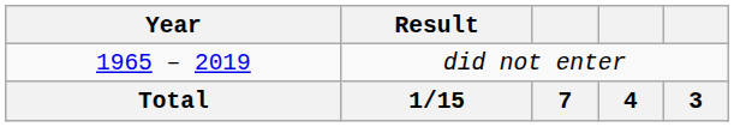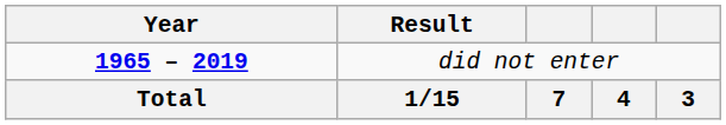 <table class="wikitable" style="text-align:center">
 <tr>
 <th width=180>Year</th>
 <th width=100>Result</th>
 <th width=30></th>
 <th width=30></th>
 <th width=30></th>
 </tr>
 <tr>
-<td> <a href='#'>1965</a> –  <a href='#'>2019</a></td>
+<td><strong> <a href='#'>1965</a> –  <a href='#'>2019</a></strong></td>
 <td colspan=4><em>did not enter</em></td>
 </tr>
 <tr>
 <th>Total</th>
 <th>1/15</th>
 <th>7</th>
 <th>4</th>
 <th>3</th>
 </tr>
 </table>
